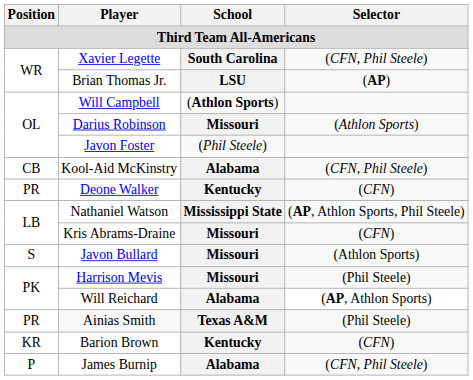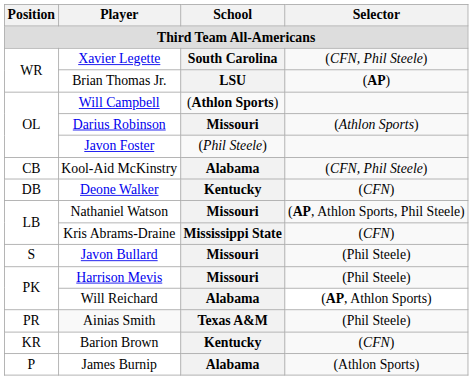 <table class="wikitable">
 <tr>
 <th>Position</th>
 <th>Player</th>
 <th>School</th>
 <th>Selector</th>
 </tr>
 <tr>
 <td colspan="6" style="text-align:center; background:#ddd;"><strong>Third Team All-Americans</strong></td>
 </tr>
 <tr style="text-align:center;">
 <td style="background:white" rowspan=2>WR</td>
 <td style="background:white"><a href='#'>Xavier Legette</a></td>
 <th>South Carolina</th>
 <td>(<em>CFN, Phil Steele</em>)</td>
 </tr>
 <tr style="text-align:center;">
 <td style="background:white">Brian Thomas Jr.</td>
 <th>LSU</th>
 <td>(<strong>AP</strong>)</td>
 </tr>
 <tr style="text-align:center;">
 <td style="background:white" rowspan=3>OL</td>
 <td style="background:white"><a href='#'>Will Campbell</a></td>
 <td>(<strong>Athlon Sports</strong>)</td>
 </tr>
 <tr style="text-align:center;">
 <td style="background:white"><a href='#'>Darius Robinson</a></td>
 <th>Missouri</th>
 <td>(<em>Athlon Sports</em>)</td>
 </tr>
 <tr style="text-align:center;">
 <td style="background:white"><a href='#'>Javon Foster</a></td>
 <td>(<em>Phil Steele</em>)</td>
 </tr>
 <tr style="text-align:center;">
 <td style="background:white">CB</td>
 <td style="background:white">Kool-Aid McKinstry</td>
 <th>Alabama</th>
 <td>(<em>CFN, Phil Steele</em>)</td>
 </tr>
 <tr style="text-align:center;">
-<td style="background:white">PR</td>
+<td style="background:white">DB</td>
 <td style="background:white"><a href='#'>Deone Walker</a></td>
 <th>Kentucky</th>
 <td>(<em>CFN</em>)</td>
 </tr>
 <tr style="text-align:center;">
 <td style="background:white" rowspan=2>LB</td>
 <td style="background:white">Nathaniel Watson</td>
-<th>Mississippi State</th>
+<th>Missouri</th>
 <td>(<strong>AP</strong>, Athlon Sports, Phil Steele)</td>
 </tr>
 <tr style="text-align:center;">
 <td style="background:white">Kris Abrams-Draine</td>
-<th>Missouri</th>
+<th>Mississippi State</th>
 <td>(<em>CFN</em>)</td>
 </tr>
 <tr style="text-align:center;">
 <td style="background:white">S</td>
 <td style="background:white"><a href='#'>Javon Bullard</a></td>
 <th>Missouri</th>
-<td>(Athlon Sports)</td>
+<td>(Phil Steele)</td>
 </tr>
 <tr style="text-align:center;">
 <td style="background:white" rowspan=2>PK</td>
 <td style="background:white"><a href='#'>Harrison Mevis</a></td>
 <th>Missouri</th>
 <td>(Phil Steele)</td>
 </tr>
 <tr style="text-align:center;">
 <td style="background:white">Will Reichard</td>
 <th>Alabama</th>
 <td style="background:white">(<strong>AP</strong>, Athlon Sports)</td>
 </tr>
 <tr style="text-align:center;">
 <td style="background:white">PR</td>
 <td>Ainias Smith</td>
 <th style=>Texas A&M</th>
 <td>(Phil Steele)</td>
 </tr>
 <tr style="text-align:center;">
 <td style="background:white">KR</td>
 <td style="background:white">Barion Brown</td>
 <th>Kentucky</th>
 <td>(<em>CFN</em>)</td>
 </tr>
 <tr style="text-align:center;">
 <td style="background:white">P</td>
 <td style="background:white">James Burnip</td>
 <th>Alabama</th>
-<td>(<em>CFN, Phil Steele</em>)</td>
+<td>(Athlon Sports)</td>
 </tr>
 </table>
